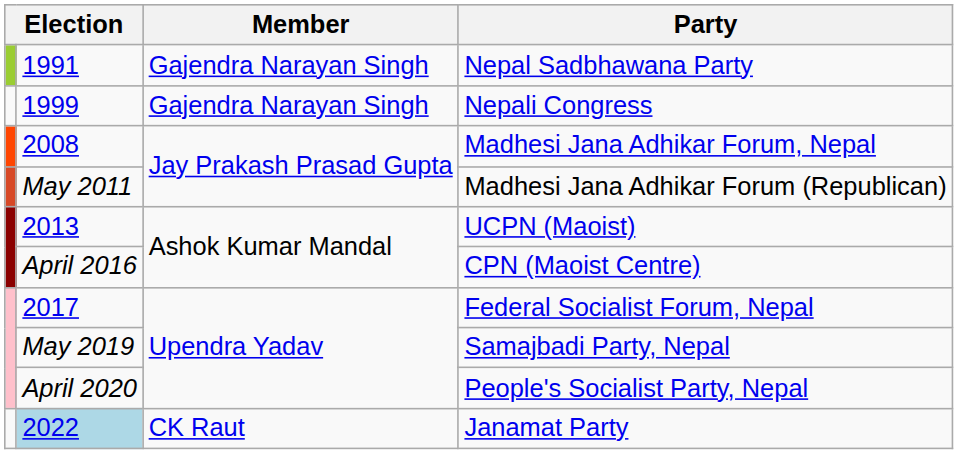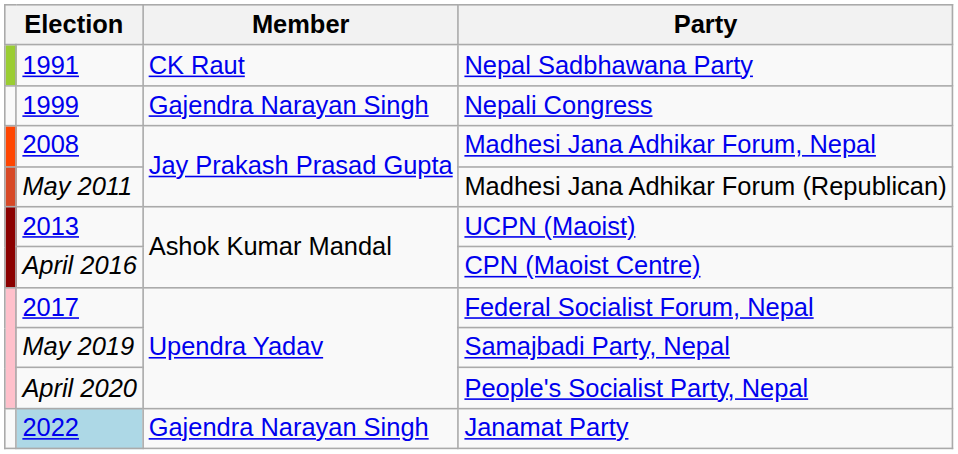 <table class="wikitable">
 <tr>
 <th colspan="2">Election</th>
 <th>Member</th>
 <th>Party</th>
 </tr>
 <tr>
 <td style="background-color:yellowgreen"></td>
 <td><a href='#'>1991</a></td>
-<td><a href='#'>Gajendra Narayan Singh</a></td>
+<td><a href='#'>CK Raut</a></td>
 <td><a href='#'>Nepal Sadbhawana Party</a></td>
 </tr>
 <tr>
 <td style="background-color:"></td>
 <td><a href='#'>1999</a></td>
 <td><a href='#'>Gajendra Narayan Singh</a></td>
 <td><a href='#'>Nepali Congress</a></td>
 </tr>
 <tr>
 <td style="background-color:orangered"></td>
 <td><a href='#'>2008</a></td>
 <td rowspan="2"><a href='#'>Jay Prakash Prasad Gupta</a></td>
 <td><a href='#'>Madhesi Jana Adhikar Forum, Nepal</a></td>
 </tr>
 <tr>
 <td style="background-color:#D74826"></td>
 <td><em>May 2011</em></td>
 <td>Madhesi Jana Adhikar Forum (Republican)</td>
 </tr>
 <tr>
 <td rowspan="2" style="background-color:darkred"></td>
 <td><a href='#'>2013</a></td>
 <td rowspan="2">Ashok Kumar Mandal</td>
 <td><a href='#'>UCPN (Maoist)</a></td>
 </tr>
 <tr>
 <td><em>April 2016</em></td>
 <td><a href='#'>CPN (Maoist Centre)</a></td>
 </tr>
 <tr>
 <td rowspan="3" style="background-color:pink"></td>
 <td><a href='#'>2017</a></td>
 <td rowspan="3"><a href='#'>Upendra Yadav</a></td>
 <td><a href='#'>Federal Socialist Forum, Nepal</a></td>
 </tr>
 <tr>
 <td><em>May 2019</em></td>
 <td><a href='#'>Samajbadi Party, Nepal</a></td>
 </tr>
 <tr>
 <td><em>April 2020</em></td>
 <td><a href='#'>People's Socialist Party, Nepal</a></td>
 </tr>
 <tr>
 <td style="background-color:"></td>
 <td style="background: lightblue;"><a href='#'>2022</a></td>
-<td><a href='#'>CK Raut</a></td>
+<td><a href='#'>Gajendra Narayan Singh</a></td>
 <td><a href='#'>Janamat Party</a></td>
 </tr>
 </table>
